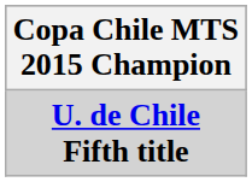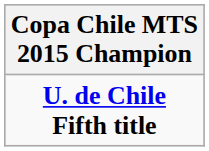 <table class="wikitable" style="text-align: center; margin: 0 auto;">
 <tr>
 <th>Copa Chile MTS<br>2015 Champion</th>
 </tr>
 <tr>
-<td style="background: lightgrey;"><strong><a href='#'>U. de Chile</a></strong><br><strong>Fifth title</strong></td>
+<td><strong><a href='#'>U. de Chile</a></strong><br><strong>Fifth title</strong></td>
 </tr>
 </table>
